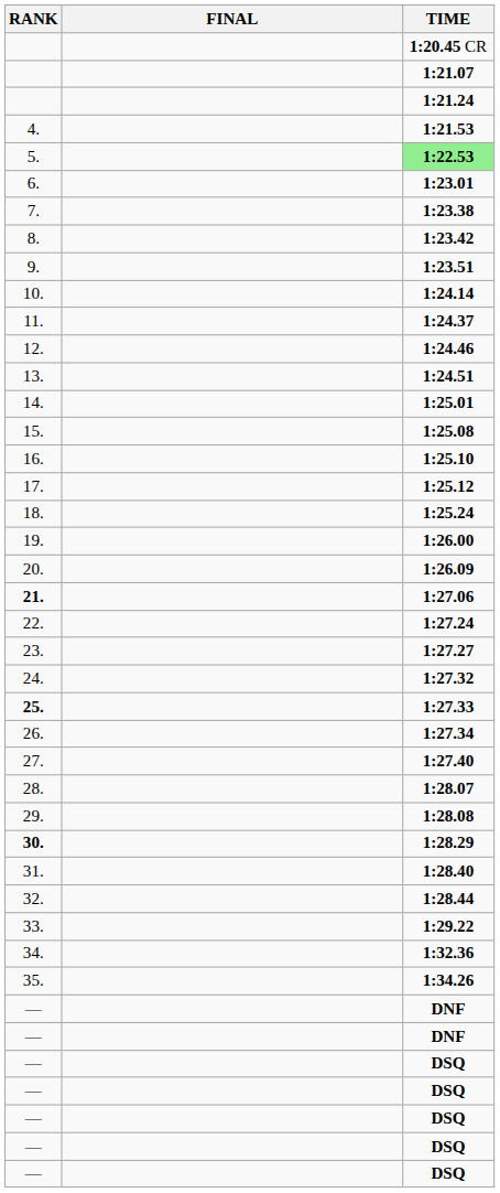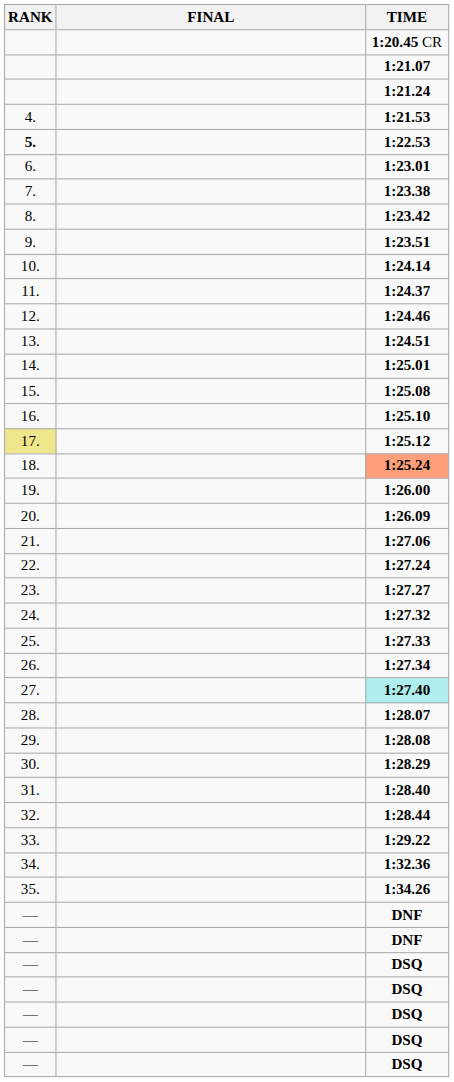 <table class="wikitable" style="border-collapse: collapse; font-size: 90%;">
 <tr>
 <th>RANK</th>
 <th style="width: 20em">FINAL</th>
 <th style="width: 5em">TIME</th>
 </tr>
 <tr>
 <td align="center"></td>
 <td></td>
 <td align="center"><strong>1:20.45</strong> CR</td>
 </tr>
 <tr>
 <td align="center"></td>
 <td></td>
 <td align="center"><strong>1:21.07</strong></td>
 </tr>
 <tr>
 <td align="center"></td>
 <td></td>
 <td align="center"><strong>1:21.24</strong></td>
 </tr>
 <tr>
 <td align="center">4.</td>
 <td></td>
 <td align="center"><strong>1:21.53</strong></td>
 </tr>
 <tr>
-<td align="center">5.</td>
+<td align="center"><strong>5.</strong></td>
 <td></td>
-<td align="center" style="background: lightgreen;"><strong>1:22.53</strong></td>
+<td align="center"><strong>1:22.53</strong></td>
 </tr>
 <tr>
 <td align="center">6.</td>
 <td></td>
 <td align="center"><strong>1:23.01</strong></td>
 </tr>
 <tr>
 <td align="center">7.</td>
 <td></td>
 <td align="center"><strong>1:23.38</strong></td>
 </tr>
 <tr>
 <td align="center">8.</td>
 <td></td>
 <td align="center"><strong>1:23.42</strong></td>
 </tr>
 <tr>
 <td align="center">9.</td>
 <td></td>
 <td align="center"><strong>1:23.51</strong></td>
 </tr>
 <tr>
 <td align="center">10.</td>
 <td></td>
 <td align="center"><strong>1:24.14</strong></td>
 </tr>
 <tr>
 <td align="center">11.</td>
 <td></td>
 <td align="center"><strong>1:24.37</strong></td>
 </tr>
 <tr>
 <td align="center">12.</td>
 <td></td>
 <td align="center"><strong>1:24.46</strong></td>
 </tr>
 <tr>
 <td align="center">13.</td>
 <td></td>
 <td align="center"><strong>1:24.51</strong></td>
 </tr>
 <tr>
 <td align="center">14.</td>
 <td></td>
 <td align="center"><strong>1:25.01</strong></td>
 </tr>
 <tr>
 <td align="center">15.</td>
 <td></td>
 <td align="center"><strong>1:25.08</strong></td>
 </tr>
 <tr>
 <td align="center">16.</td>
 <td></td>
 <td align="center"><strong>1:25.10</strong></td>
 </tr>
 <tr>
-<td align="center">17.</td>
+<td align="center" style="background: khaki;">17.</td>
 <td></td>
 <td align="center"><strong>1:25.12</strong></td>
 </tr>
 <tr>
 <td align="center">18.</td>
 <td></td>
-<td align="center"><strong>1:25.24</strong></td>
+<td align="center" style="background: lightsalmon;"><strong>1:25.24</strong></td>
 </tr>
 <tr>
 <td align="center">19.</td>
 <td></td>
 <td align="center"><strong>1:26.00</strong></td>
 </tr>
 <tr>
 <td align="center">20.</td>
 <td></td>
 <td align="center"><strong>1:26.09</strong></td>
 </tr>
 <tr>
-<td align="center"><strong>21.</strong></td>
+<td align="center">21.</td>
 <td></td>
 <td align="center"><strong>1:27.06</strong></td>
 </tr>
 <tr>
 <td align="center">22.</td>
 <td></td>
 <td align="center"><strong>1:27.24</strong></td>
 </tr>
 <tr>
 <td align="center">23.</td>
 <td></td>
 <td align="center"><strong>1:27.27</strong></td>
 </tr>
 <tr>
 <td align="center">24.</td>
 <td></td>
 <td align="center"><strong>1:27.32</strong></td>
 </tr>
 <tr>
-<td align="center"><strong>25.</strong></td>
+<td align="center">25.</td>
 <td></td>
 <td align="center"><strong>1:27.33</strong></td>
 </tr>
 <tr>
 <td align="center">26.</td>
 <td></td>
 <td align="center"><strong>1:27.34</strong></td>
 </tr>
 <tr>
 <td align="center">27.</td>
 <td></td>
-<td align="center"><strong>1:27.40</strong></td>
+<td align="center" style="background: paleturquoise;"><strong>1:27.40</strong></td>
 </tr>
 <tr>
 <td align="center">28.</td>
 <td></td>
 <td align="center"><strong>1:28.07</strong></td>
 </tr>
 <tr>
 <td align="center">29.</td>
 <td></td>
 <td align="center"><strong>1:28.08</strong></td>
 </tr>
 <tr>
-<td align="center"><strong>30.</strong></td>
+<td align="center">30.</td>
 <td></td>
 <td align="center"><strong>1:28.29</strong></td>
 </tr>
 <tr>
 <td align="center">31.</td>
 <td></td>
 <td align="center"><strong>1:28.40</strong></td>
 </tr>
 <tr>
 <td align="center">32.</td>
 <td></td>
 <td align="center"><strong>1:28.44</strong></td>
 </tr>
 <tr>
 <td align="center">33.</td>
 <td></td>
 <td align="center"><strong>1:29.22</strong></td>
 </tr>
 <tr>
 <td align="center">34.</td>
 <td></td>
 <td align="center"><strong>1:32.36</strong></td>
 </tr>
 <tr>
 <td align="center">35.</td>
 <td></td>
 <td align="center"><strong>1:34.26</strong></td>
 </tr>
 <tr>
 <td align="center">—</td>
 <td></td>
 <td align="center"><strong>DNF</strong></td>
 </tr>
 <tr>
 <td align="center">—</td>
 <td></td>
 <td align="center"><strong>DNF</strong></td>
 </tr>
 <tr>
 <td align="center">—</td>
 <td></td>
 <td align="center"><strong>DSQ</strong></td>
 </tr>
 <tr>
 <td align="center">—</td>
 <td></td>
 <td align="center"><strong>DSQ</strong></td>
 </tr>
 <tr>
 <td align="center">—</td>
 <td></td>
 <td align="center"><strong>DSQ</strong></td>
 </tr>
 <tr>
 <td align="center">—</td>
 <td></td>
 <td align="center"><strong>DSQ</strong></td>
 </tr>
 <tr>
 <td align="center">—</td>
 <td></td>
 <td align="center"><strong>DSQ</strong></td>
 </tr>
 </table>
